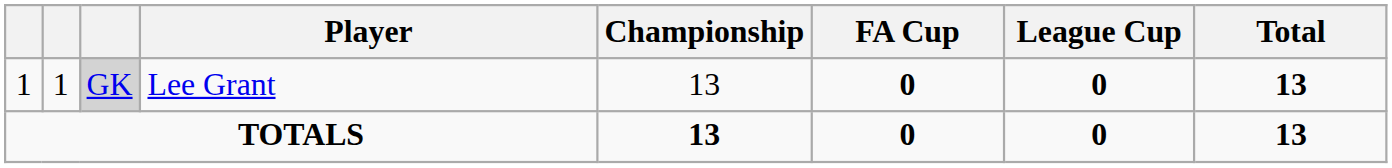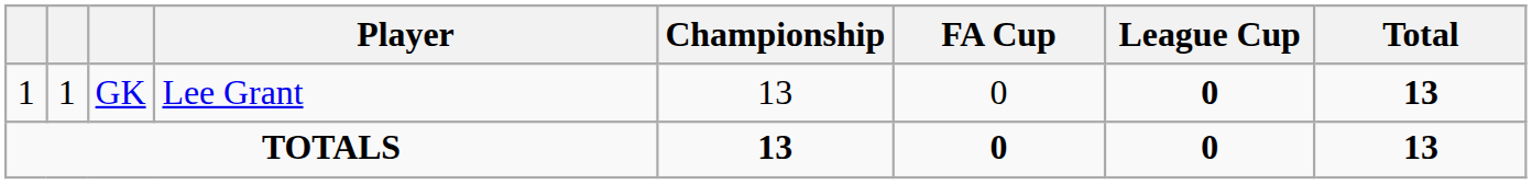 <table class="wikitable" style="font-size: 90%; text-align: center;">
 <tr>
 <th width=10></th>
 <th width=10></th>
 <th width=10></th>
 <th width=200>Player</th>
 <th width=80>Championship</th>
 <th width=80>FA Cup</th>
 <th width=80>League Cup</th>
 <th width=80><strong>Total</strong></th>
 </tr>
 <tr>
 <td>1</td>
 <td>1</td>
-<td style="background: lightgrey;"><a href='#'>GK</a></td>
+<td><a href='#'>GK</a></td>
 <td align=left> <a href='#'>Lee Grant</a></td>
 <td>13</td>
-<td><strong>0</strong></td>
+<td>0</td>
 <td><strong>0</strong></td>
 <td><strong>13</strong></td>
 </tr>
 <tr>
 <td colspan="4"><strong>TOTALS</strong></td>
 <td><strong>13</strong></td>
 <td><strong>0</strong></td>
 <td><strong>0</strong></td>
 <td><strong>13</strong></td>
 </tr>
 </table>
